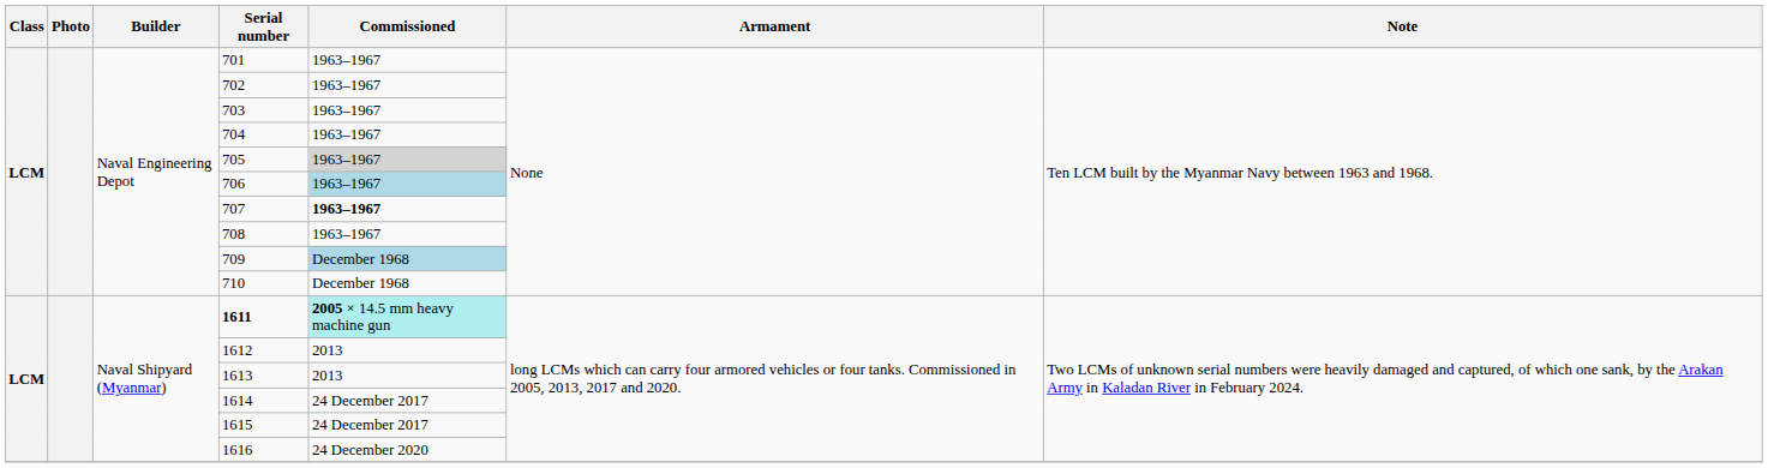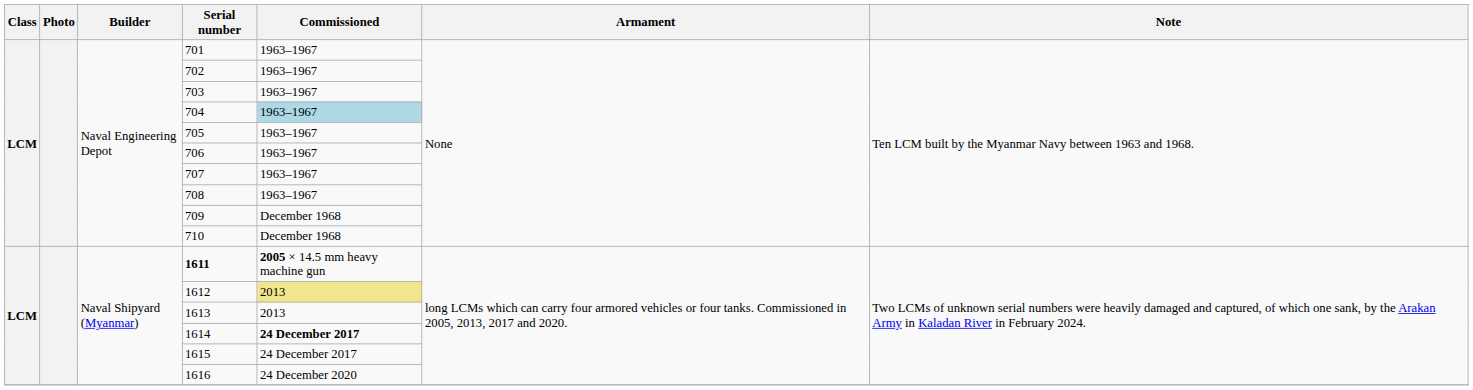 <table class="wikitable" style="font-size:97%; width:90%">
 <tr>
 <th>Class</th>
 <th>Photo</th>
 <th width="120">Builder</th>
 <th>Serial number</th>
 <th>Commissioned</th>
 <th>Armament</th>
 <th>Note</th>
 </tr>
 <tr>
 <th rowspan="10">LCM</th>
 <th rowspan="10"></th>
 <td rowspan="10">Naval Engineering Depot </td>
 <td>701</td>
 <td>1963–1967</td>
 <td rowspan="10">None</td>
 <td rowspan="10">Ten LCM built by the Myanmar Navy between 1963 and 1968.</td>
 </tr>
 <tr>
 <td>702</td>
 <td>1963–1967</td>
 </tr>
 <tr>
 <td>703</td>
 <td>1963–1967</td>
 </tr>
 <tr>
 <td>704</td>
+<td style="background: lightblue;">1963–1967</td>
+</tr>
+<tr>
+<td>705</td>
 <td>1963–1967</td>
 </tr>
 <tr>
-<td>705</td>
-<td style="background: lightgrey;">1963–1967</td>
-</tr>
-<tr>
 <td>706</td>
-<td style="background: lightblue;">1963–1967</td>
+<td>1963–1967</td>
 </tr>
 <tr>
 <td>707</td>
-<td><strong>1963–1967</strong></td>
+<td>1963–1967</td>
 </tr>
 <tr>
 <td>708</td>
 <td>1963–1967</td>
 </tr>
 <tr>
 <td>709</td>
-<td style="background: lightblue;">December 1968</td>
+<td>December 1968</td>
 </tr>
 <tr>
 <td>710</td>
 <td>December 1968</td>
 </tr>
 <tr>
 <th rowspan="6">LCM</th>
 <th rowspan="6"></th>
 <td rowspan="6">Naval Shipyard (<a href='#'>Myanmar</a>) </td>
 <td><strong>1611</strong></td>
-<td style="background: paleturquoise;"><strong>2005</strong> × 14.5 mm heavy machine gun</td>
+<td><strong>2005</strong> × 14.5 mm heavy machine gun</td>
 <td rowspan="6"> long LCMs which can carry four armored vehicles or four tanks. Commissioned in 2005, 2013, 2017 and 2020.</td>
 <td rowspan="6">Two LCMs of unknown serial numbers were heavily damaged and captured, of which one sank, by the <a href='#'>Arakan Army</a> in <a href='#'>Kaladan River</a> in February 2024.</td>
 </tr>
 <tr>
 <td>1612</td>
-<td>2013</td>
+<td style="background: khaki;">2013</td>
 </tr>
 <tr>
 <td>1613</td>
 <td>2013</td>
 </tr>
 <tr>
 <td>1614</td>
-<td>24 December 2017</td>
+<td><strong>24 December 2017</strong></td>
 </tr>
 <tr>
 <td>1615</td>
 <td>24 December 2017</td>
 </tr>
 <tr>
 <td>1616</td>
 <td>24 December 2020</td>
 </tr>
 <tr>
 </tr>
 </table>
